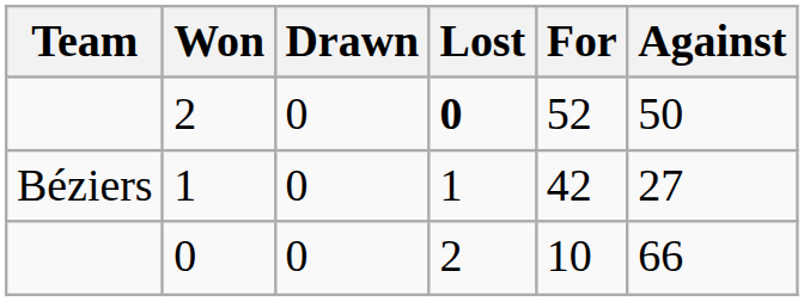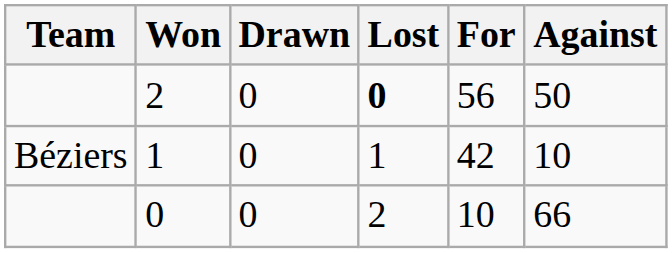 <table class="wikitable">
 <tr>
 <th>Team</th>
 <th>Won</th>
 <th>Drawn</th>
 <th>Lost</th>
 <th>For</th>
 <th>Against</th>
 </tr>
 <tr>
 <td></td>
 <td>2</td>
 <td>0</td>
 <td><strong>0</strong></td>
-<td>52</td>
+<td>56</td>
 <td>50</td>
 </tr>
 <tr>
 <td> Béziers</td>
 <td>1</td>
 <td>0</td>
 <td>1</td>
 <td>42</td>
-<td>27</td>
+<td>10</td>
 </tr>
 <tr>
 <td></td>
 <td>0</td>
 <td>0</td>
 <td>2</td>
 <td>10</td>
 <td>66</td>
 </tr>
 </table>
